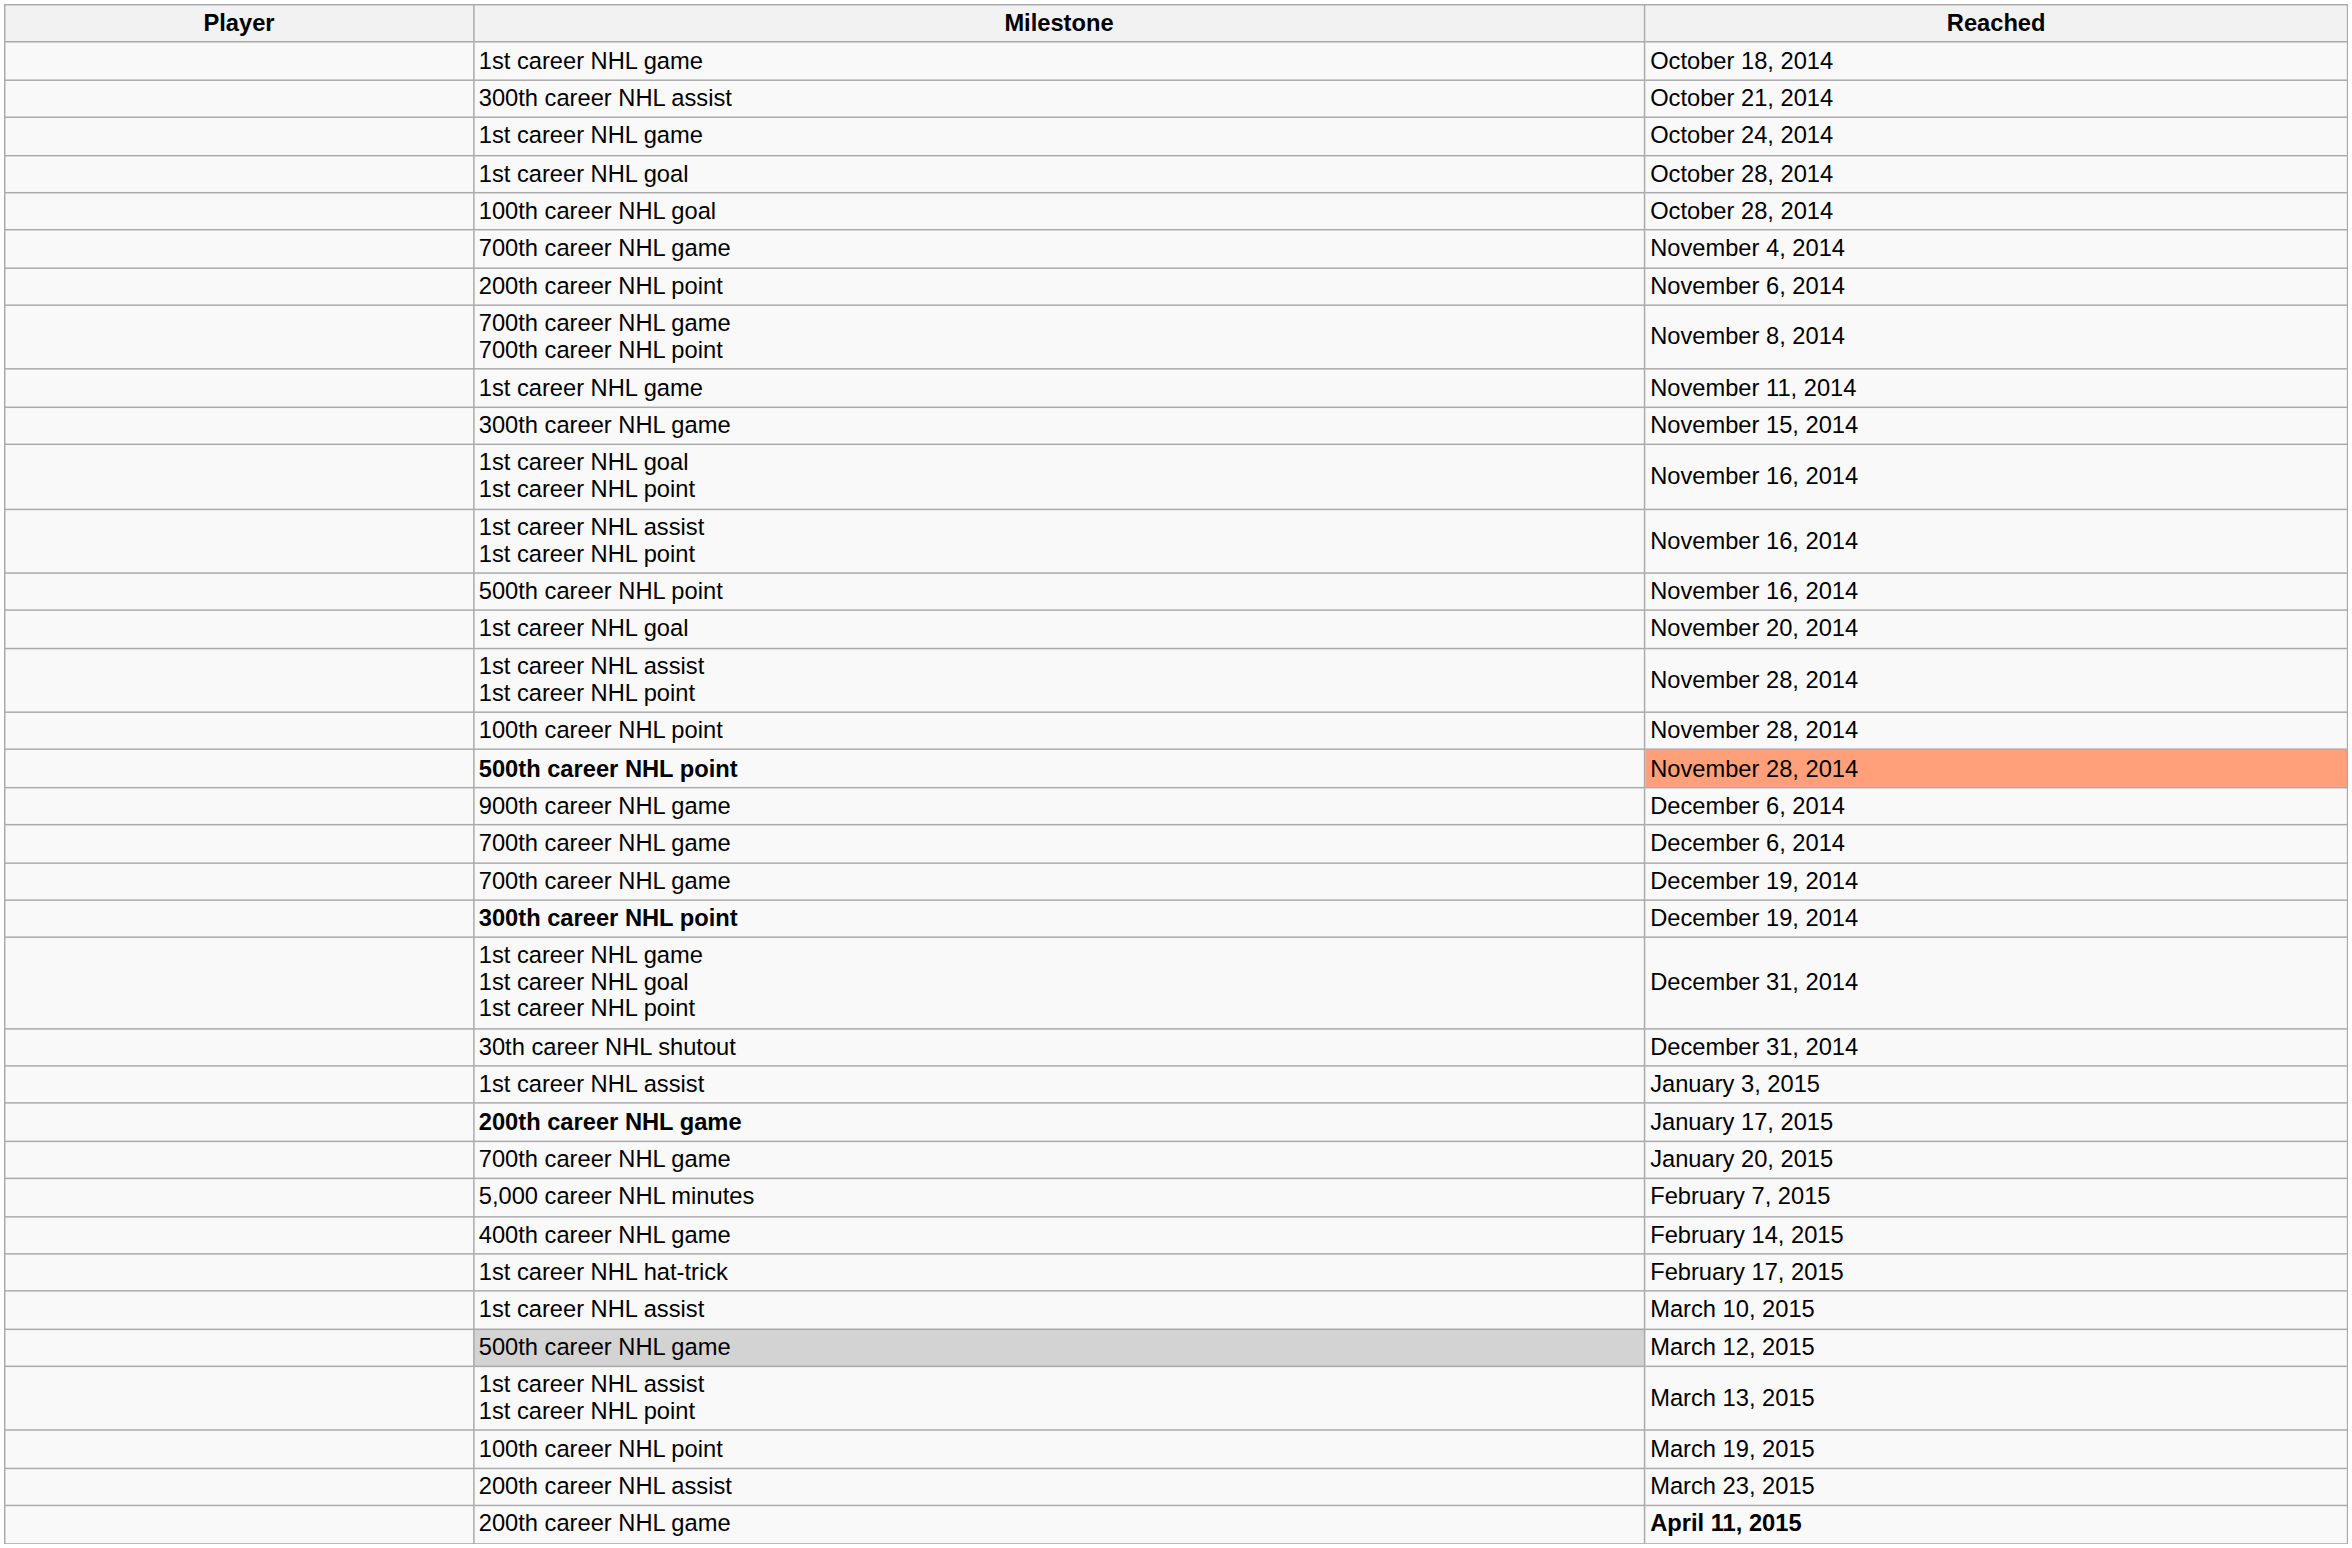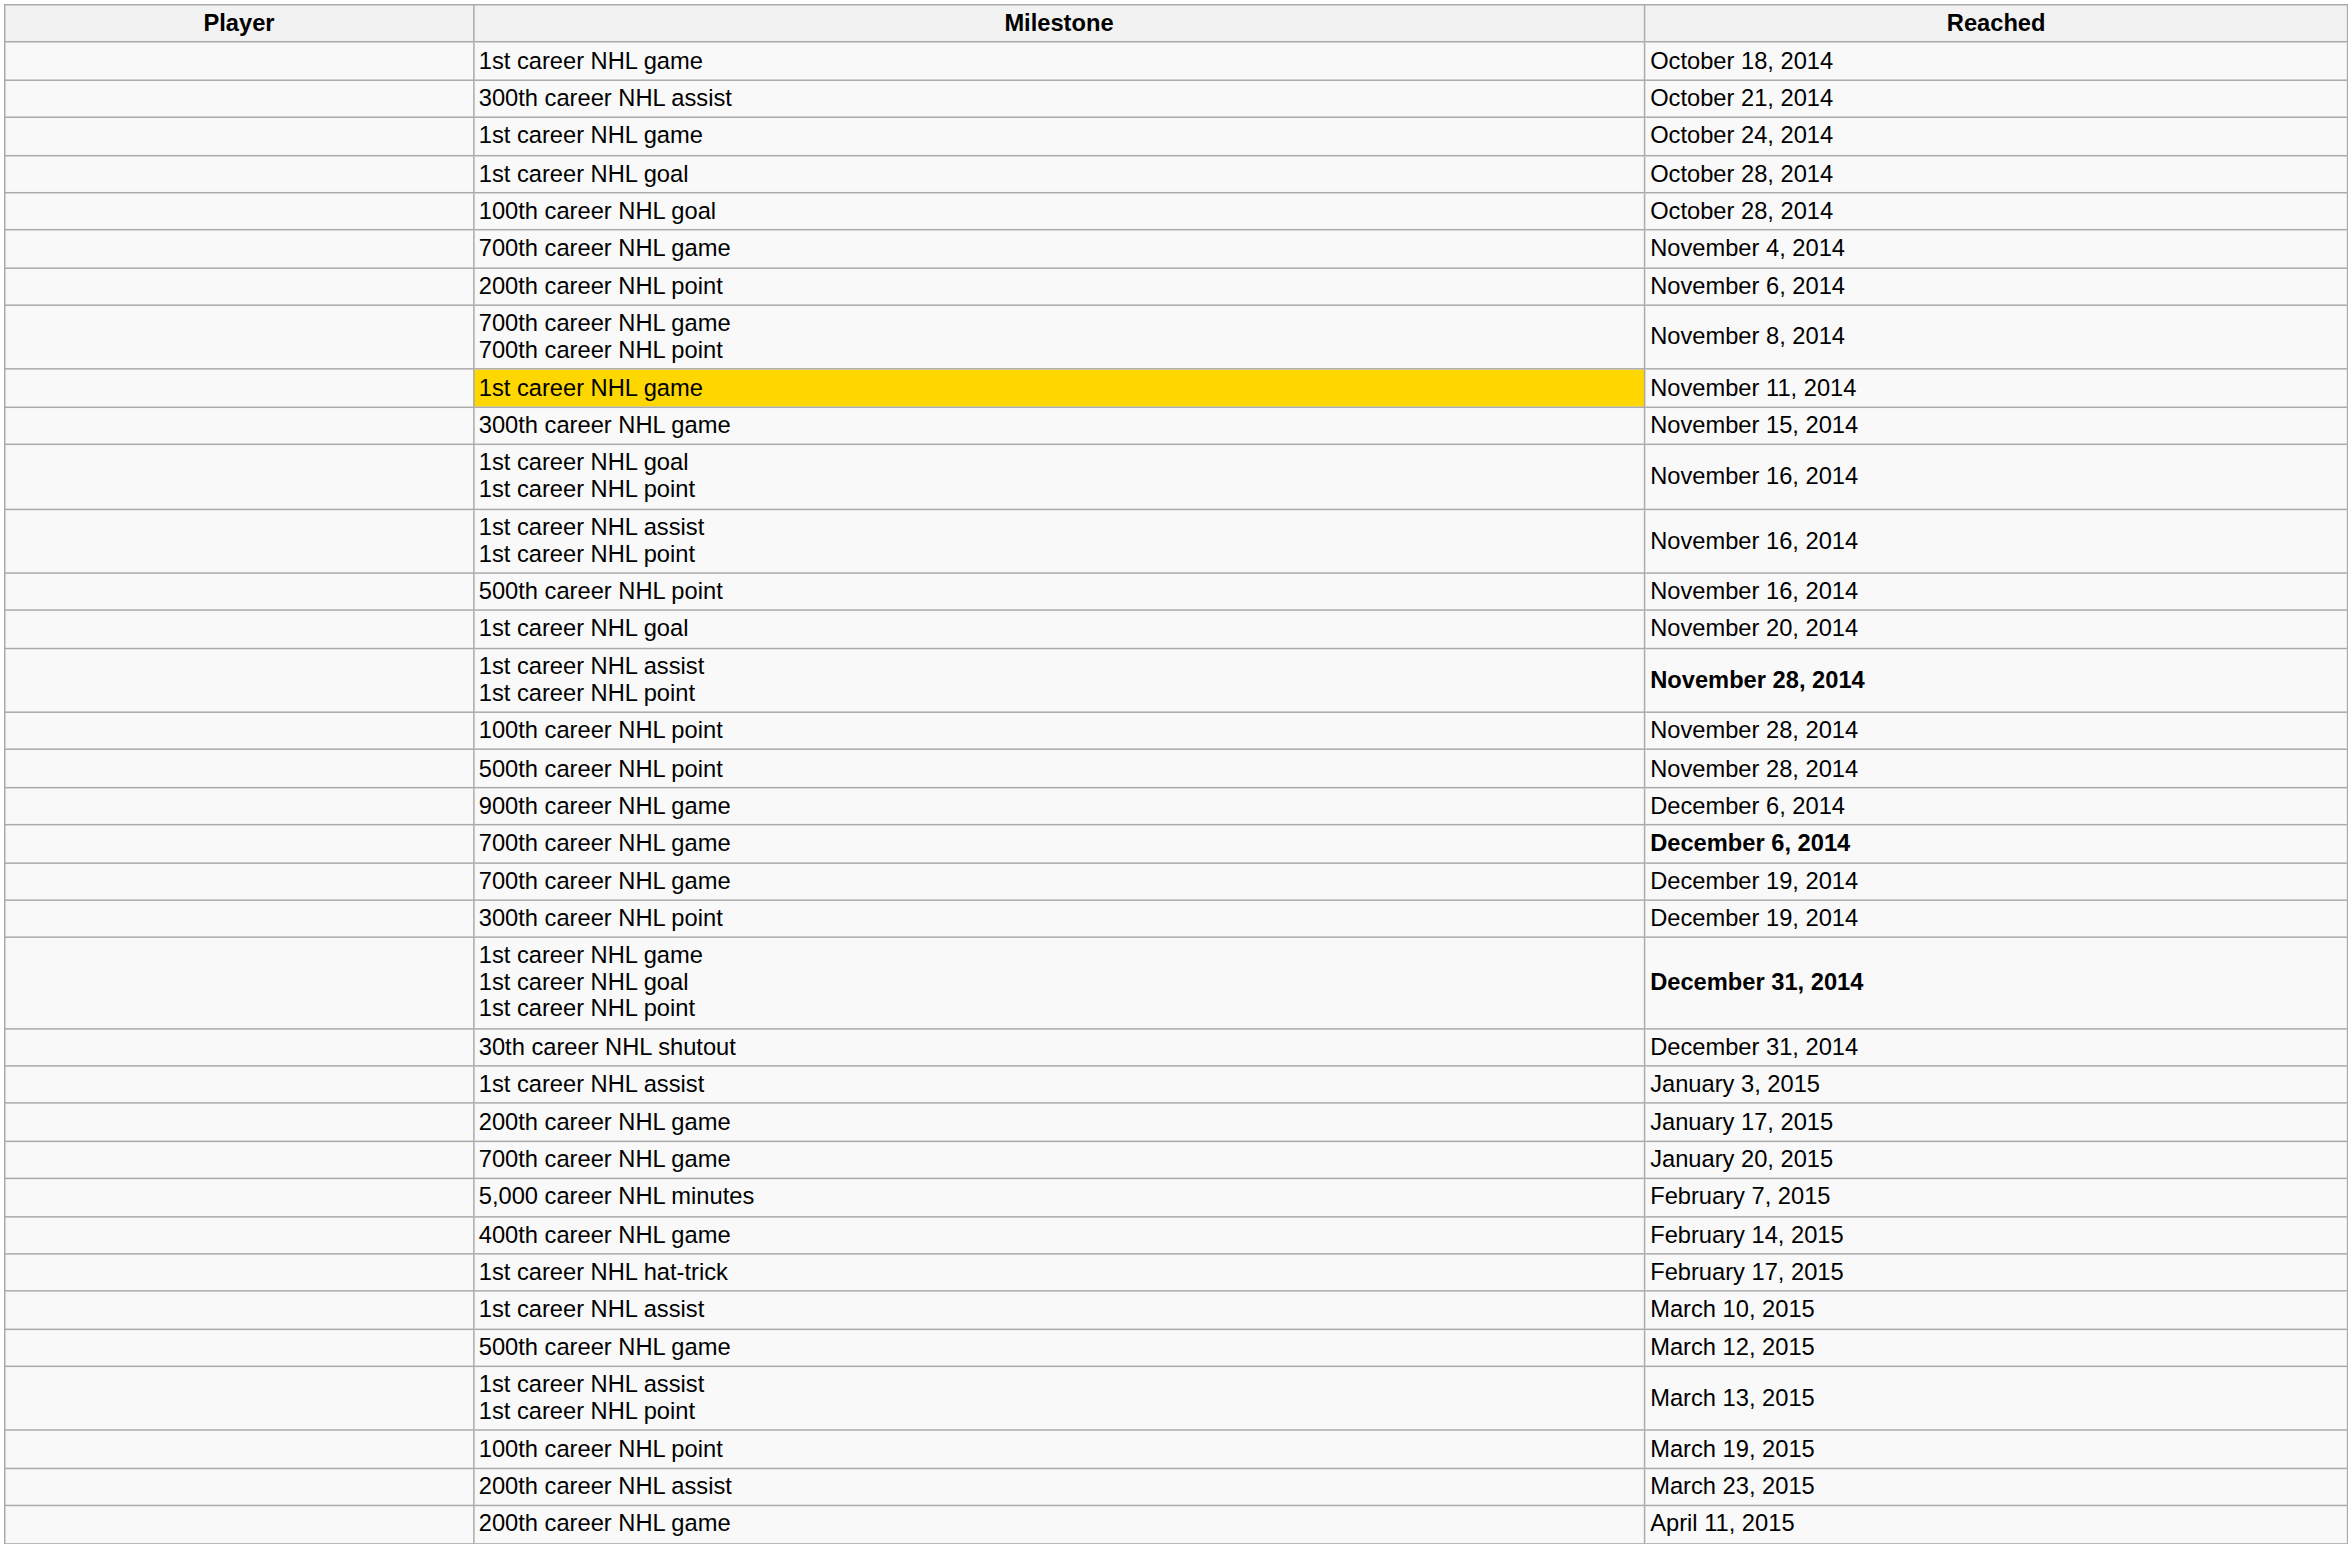 <table class="wikitable sortable" style="width:100%;">
 <tr align=center>
 <th style="width:20%;">Player</th>
 <th style="width:50%;">Milestone</th>
 <th style="width:30%;" data-sort-type="date">Reached</th>
 </tr>
 <tr>
 <td></td>
 <td>1st career NHL game</td>
 <td>October 18, 2014</td>
 </tr>
 <tr>
 <td></td>
 <td>300th career NHL assist</td>
 <td>October 21, 2014</td>
 </tr>
 <tr>
 <td></td>
 <td>1st career NHL game</td>
 <td>October 24, 2014</td>
 </tr>
 <tr>
 <td></td>
 <td>1st career NHL goal</td>
 <td>October 28, 2014</td>
 </tr>
 <tr>
 <td></td>
 <td>100th career NHL goal</td>
 <td>October 28, 2014</td>
 </tr>
 <tr>
 <td></td>
 <td>700th career NHL game</td>
 <td>November 4, 2014</td>
 </tr>
 <tr>
 <td></td>
 <td>200th career NHL point</td>
 <td>November 6, 2014</td>
 </tr>
 <tr>
 <td></td>
 <td>700th career NHL game<br>700th career NHL point</td>
 <td>November 8, 2014</td>
 </tr>
 <tr>
 <td></td>
-<td>1st career NHL game</td>
+<td style="background: gold;">1st career NHL game</td>
 <td>November 11, 2014</td>
 </tr>
 <tr>
 <td></td>
 <td>300th career NHL game</td>
 <td>November 15, 2014</td>
 </tr>
 <tr>
 <td></td>
 <td>1st career NHL goal<br>1st career NHL point</td>
 <td>November 16, 2014</td>
 </tr>
 <tr>
 <td></td>
 <td>1st career NHL assist<br>1st career NHL point</td>
 <td>November 16, 2014</td>
 </tr>
 <tr>
 <td></td>
 <td>500th career NHL point</td>
 <td>November 16, 2014</td>
 </tr>
 <tr>
 <td></td>
 <td>1st career NHL goal</td>
 <td>November 20, 2014</td>
 </tr>
 <tr>
 <td></td>
 <td>1st career NHL assist<br>1st career NHL point</td>
-<td>November 28, 2014</td>
+<td><strong>November 28, 2014</strong></td>
 </tr>
 <tr>
 <td></td>
 <td>100th career NHL point</td>
 <td>November 28, 2014</td>
 </tr>
 <tr>
 <td></td>
-<td><strong>500th career NHL point</strong></td>
-<td style="background: lightsalmon;">November 28, 2014</td>
+<td>500th career NHL point</td>
+<td>November 28, 2014</td>
 </tr>
 <tr>
 <td></td>
 <td>900th career NHL game</td>
 <td>December 6, 2014</td>
 </tr>
 <tr>
 <td></td>
 <td>700th career NHL game</td>
-<td>December 6, 2014</td>
+<td><strong>December 6, 2014</strong></td>
 </tr>
 <tr>
 <td></td>
 <td>700th career NHL game</td>
 <td>December 19, 2014</td>
 </tr>
 <tr>
 <td></td>
-<td><strong>300th career NHL point</strong></td>
+<td>300th career NHL point</td>
 <td>December 19, 2014</td>
 </tr>
 <tr>
 <td></td>
 <td>1st career NHL game<br>1st career NHL goal<br>1st career NHL point</td>
-<td>December 31, 2014</td>
+<td><strong>December 31, 2014</strong></td>
 </tr>
 <tr>
 <td></td>
 <td>30th career NHL shutout</td>
 <td>December 31, 2014</td>
 </tr>
 <tr>
 <td></td>
 <td>1st career NHL assist</td>
 <td>January 3, 2015</td>
 </tr>
 <tr>
 <td></td>
-<td><strong>200th career NHL game</strong></td>
+<td>200th career NHL game</td>
 <td>January 17, 2015</td>
 </tr>
 <tr>
 <td></td>
 <td>700th career NHL game</td>
 <td>January 20, 2015</td>
 </tr>
 <tr>
 <td></td>
 <td>5,000 career NHL minutes</td>
 <td>February 7, 2015</td>
 </tr>
 <tr>
 <td></td>
 <td>400th career NHL game</td>
 <td>February 14, 2015</td>
 </tr>
 <tr>
 <td></td>
 <td>1st career NHL hat-trick</td>
 <td>February 17, 2015</td>
 </tr>
 <tr>
 <td></td>
 <td>1st career NHL assist</td>
 <td>March 10, 2015</td>
 </tr>
 <tr>
 <td></td>
-<td style="background: lightgrey;">500th career NHL game</td>
+<td>500th career NHL game</td>
 <td>March 12, 2015</td>
 </tr>
 <tr>
 <td></td>
 <td>1st career NHL assist<br>1st career NHL point</td>
 <td>March 13, 2015</td>
 </tr>
 <tr>
 <td></td>
 <td>100th career NHL point</td>
 <td>March 19, 2015</td>
 </tr>
 <tr>
 <td></td>
 <td>200th career NHL assist</td>
 <td>March 23, 2015</td>
 </tr>
 <tr>
 <td></td>
 <td>200th career NHL game</td>
-<td><strong>April 11, 2015</strong></td>
+<td>April 11, 2015</td>
 </tr>
 </table>
